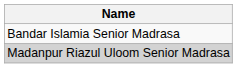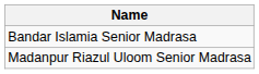 <table class="wikitable">
 <tr>
 <th>Name</th>
 </tr>
 <tr>
 <td>Bandar Islamia Senior Madrasa</td>
 </tr>
 <tr>
-<td style="background: lightgrey;">Madanpur Riazul Uloom Senior Madrasa</td>
+<td>Madanpur Riazul Uloom Senior Madrasa</td>
 </tr>
 </table>
